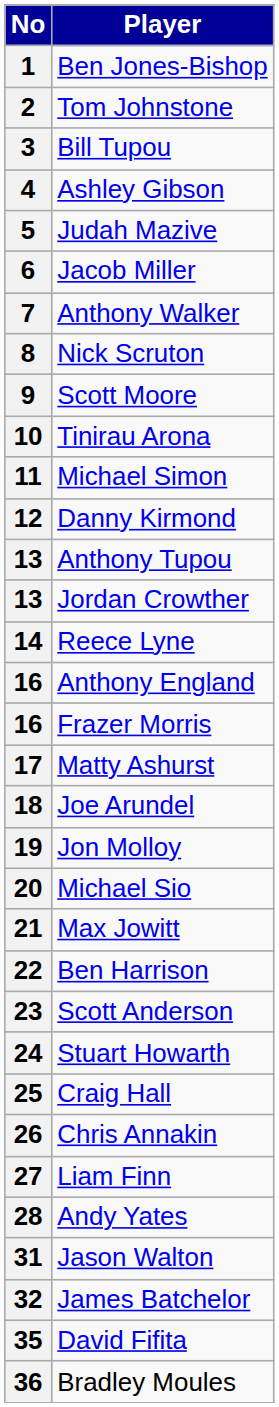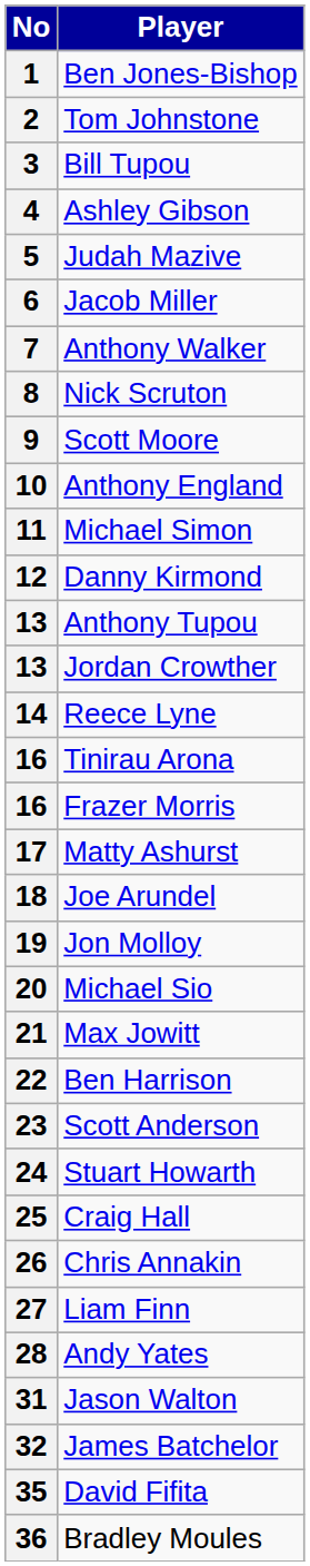 <table class="wikitable sortable">
 <tr>
 <th scope=col style="background:#000099; color:white">No</th>
 <th scope=col style="background:#000099; color:white">Player</th>
 </tr>
 <tr>
 <th scope=row>1</th>
 <td><a href='#'>Ben Jones-Bishop</a></td>
 </tr>
 <tr>
 <th scope=row>2</th>
 <td><a href='#'>Tom Johnstone</a></td>
 </tr>
 <tr>
 <th scope=row>3</th>
 <td><a href='#'>Bill Tupou</a></td>
 </tr>
 <tr>
 <th scope=row>4</th>
 <td><a href='#'>Ashley Gibson</a></td>
 </tr>
 <tr>
 <th scope=row>5</th>
 <td><a href='#'>Judah Mazive</a></td>
 </tr>
 <tr>
 <th scope=row>6</th>
 <td><a href='#'>Jacob Miller</a></td>
 </tr>
 <tr>
 <th scope=row>7</th>
 <td><a href='#'>Anthony Walker</a></td>
 </tr>
 <tr>
 <th scope=row>8</th>
 <td><a href='#'>Nick Scruton</a></td>
 </tr>
 <tr>
 <th scope=row>9</th>
 <td><a href='#'>Scott Moore</a></td>
 </tr>
 <tr>
 <th scope=row>10</th>
-<td><a href='#'>Tinirau Arona</a></td>
+<td><a href='#'>Anthony England</a></td>
 </tr>
 <tr>
 <th scope=row>11</th>
 <td><a href='#'>Michael Simon</a></td>
 </tr>
 <tr>
 <th scope=row>12</th>
 <td><a href='#'>Danny Kirmond</a></td>
 </tr>
 <tr>
 <th scope=row>13</th>
 <td><a href='#'>Anthony Tupou</a></td>
 </tr>
 <tr>
 <th scope=row>13</th>
 <td><a href='#'>Jordan Crowther</a></td>
 </tr>
 <tr>
 <th scope=row>14</th>
 <td><a href='#'>Reece Lyne</a></td>
 </tr>
 <tr>
 <th scope=row>16</th>
-<td><a href='#'>Anthony England</a></td>
+<td><a href='#'>Tinirau Arona</a></td>
 </tr>
 <tr>
 <th scope=row>16</th>
 <td><a href='#'>Frazer Morris</a></td>
 </tr>
 <tr>
 <th scope=row>17</th>
 <td><a href='#'>Matty Ashurst</a></td>
 </tr>
 <tr>
 <th scope=row>18</th>
 <td><a href='#'>Joe Arundel</a></td>
 </tr>
 <tr>
 <th scope=row>19</th>
 <td><a href='#'>Jon Molloy</a></td>
 </tr>
 <tr>
 <th scope=row>20</th>
 <td><a href='#'>Michael Sio</a></td>
 </tr>
 <tr>
 <th scope=row>21</th>
 <td><a href='#'>Max Jowitt</a></td>
 </tr>
 <tr>
 <th scope=row>22</th>
 <td><a href='#'>Ben Harrison</a></td>
 </tr>
 <tr>
 <th scope=row>23</th>
 <td><a href='#'>Scott Anderson</a></td>
 </tr>
 <tr>
 <th scope=row>24</th>
 <td><a href='#'>Stuart Howarth</a></td>
 </tr>
 <tr>
 <th scope=row>25</th>
 <td><a href='#'>Craig Hall</a></td>
 </tr>
 <tr>
 <th scope=row>26</th>
 <td><a href='#'>Chris Annakin</a></td>
 </tr>
 <tr>
 <th scope=row>27</th>
 <td><a href='#'>Liam Finn</a></td>
 </tr>
 <tr>
 <th scope=row>28</th>
 <td><a href='#'>Andy Yates</a></td>
 </tr>
 <tr>
 <th scope=row>31</th>
 <td><a href='#'>Jason Walton</a></td>
 </tr>
 <tr>
 <th scope=row>32</th>
 <td><a href='#'>James Batchelor</a></td>
 </tr>
 <tr>
 <th scope=row>35</th>
 <td><a href='#'>David Fifita</a></td>
 </tr>
 <tr>
 <th scope=row>36</th>
 <td>Bradley Moules</td>
 </tr>
 </table>
